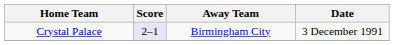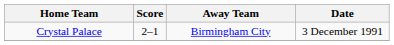 <table class="wikitable" style="text-align:center;">
 <tr>
 <th width=175>Home Team</th>
 <th width=20>Score</th>
 <th width=175>Away Team</th>
 <th width= 125>Date</th>
 </tr>
 <tr>
 <td><a href='#'>Crystal Palace</a></td>
-<td style="background: lavender;">2–1</td>
+<td>2–1</td>
 <td><a href='#'>Birmingham City</a></td>
 <td>3 December 1991</td>
 </tr>
 <tr>
 </tr>
 </table>
